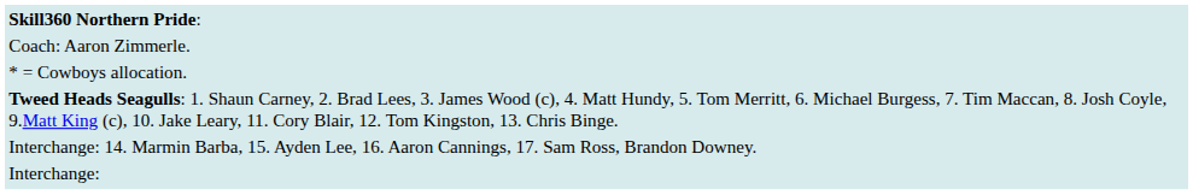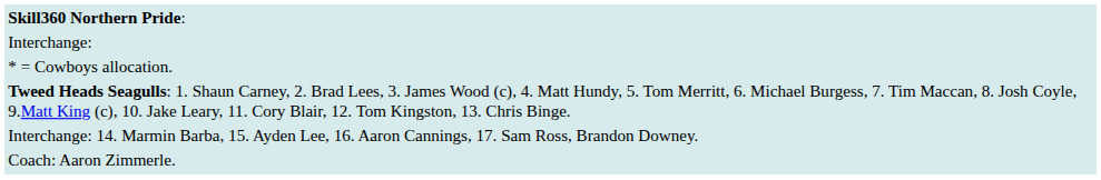 <table style="background:#d7ebed; font-size:85%; width:100%;">
 <tr>
 <td><strong>Skill360 Northern Pride</strong>:             </td>
 </tr>
 <tr>
-<td>Coach: Aaron Zimmerle.</td>
+<td>Interchange:    </td>
 </tr>
 <tr>
 <td>* = Cowboys allocation.</td>
 </tr>
 <tr>
 <td><strong>Tweed Heads Seagulls</strong>: 1. Shaun Carney, 2. Brad Lees, 3. James Wood (c), 4. Matt Hundy, 5. Tom Merritt, 6. Michael Burgess, 7. Tim Maccan, 8. Josh Coyle, 9.<a href='#'>Matt King</a> (c), 10. Jake Leary, 11. Cory Blair, 12. Tom Kingston, 13. Chris Binge.</td>
 </tr>
 <tr>
 <td>Interchange: 14. Marmin Barba, 15. Ayden Lee, 16. Aaron Cannings, 17. Sam Ross,  Brandon Downey.</td>
 </tr>
 <tr>
-<td>Interchange:    </td>
+<td>Coach: Aaron Zimmerle.</td>
 </tr>
 </table>
